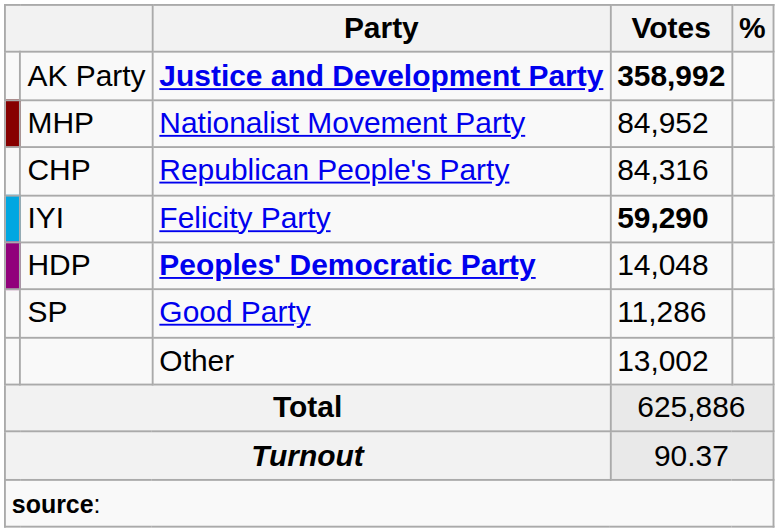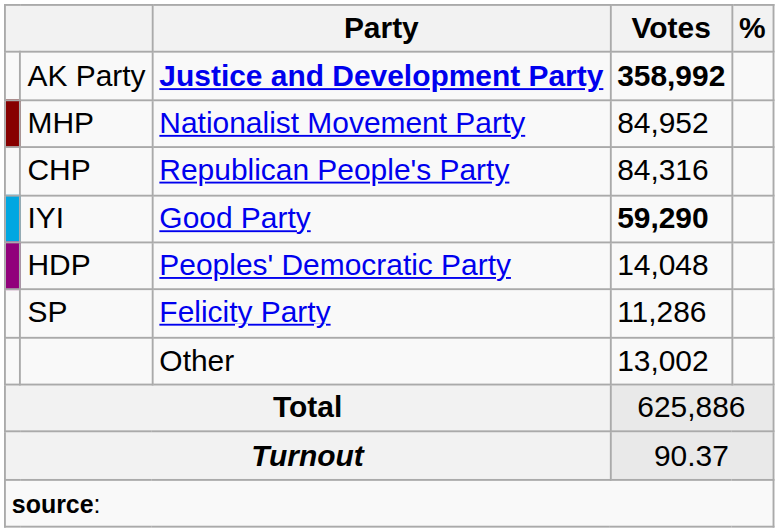 <table class="wikitable">
 <tr>
 <th colspan="2" align="center"></th>
 <th align="center">Party</th>
 <th align="center">Votes</th>
 <th align="center">%</th>
 </tr>
 <tr align="left">
 <td></td>
 <td>AK Party</td>
 <td><strong><a href='#'>Justice and Development Party</a></strong></td>
 <td><strong>358,992</strong></td>
 <td><strong></strong></td>
 </tr>
 <tr align="left">
 <td bgcolor="#870000" width="1"></td>
 <td>MHP</td>
 <td><a href='#'>Nationalist Movement Party</a></td>
 <td>84,952</td>
 <td></td>
 </tr>
 <tr align="left">
 <td></td>
 <td>CHP</td>
 <td><a href='#'>Republican People's Party</a></td>
 <td>84,316</td>
 <td></td>
 </tr>
 <tr align="left">
 <td bgcolor="#01A7E1" width="1"></td>
 <td>IYI</td>
-<td><a href='#'>Felicity Party</a></td>
+<td><a href='#'>Good Party</a></td>
 <td><strong>59,290</strong></td>
 <td></td>
 </tr>
 <tr align="left">
 <td bgcolor="#91007B" width="1"></td>
 <td>HDP</td>
-<td><strong><a href='#'>Peoples' Democratic Party</a></strong></td>
+<td><a href='#'>Peoples' Democratic Party</a></td>
 <td>14,048</td>
 <td></td>
 </tr>
 <tr align="left">
 <td></td>
 <td>SP</td>
-<td><a href='#'>Good Party</a></td>
+<td><a href='#'>Felicity Party</a></td>
 <td>11,286</td>
 <td></td>
 </tr>
 <tr align="left">
 <td bgcolor="" width="1"></td>
 <td></td>
 <td>Other</td>
 <td>13,002</td>
 <td></td>
 </tr>
 <tr align="left" style="background-color:#E9E9E9">
 <th colspan="3" align="center"><strong>Total</strong></th>
 <td colspan="5" align="center">625,886</td>
 </tr>
 <tr align="left" style="background-color:#E9E9E9">
 <th colspan="3" align="center"><em>Turnout</em></th>
 <td colspan="5" align="center">90.37</td>
 </tr>
 <tr>
 <td colspan="9" align="left"><small><strong>source</strong>: </small></td>
 </tr>
 </table>
